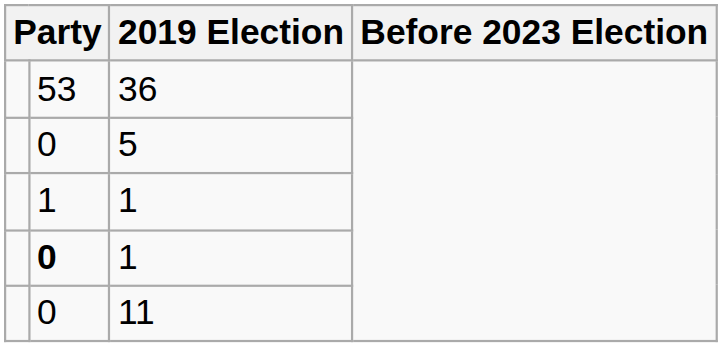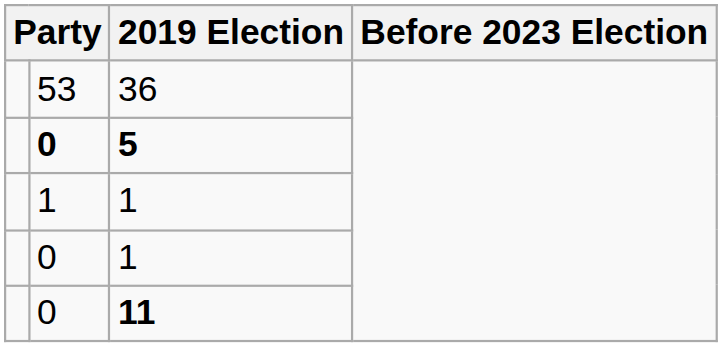 <table class="wikitable" border="1">
 <tr>
 <th colspan="2" rowspan="1" align="center" valign="top"><strong>Party</strong></th>
 <th colspan="1" rowspan="1" align="center" valign="top"><strong>2019 Election</strong></th>
 <th colspan="1" rowspan="1" align="center" valign="top"><strong>Before 2023 Election</strong></th>
 </tr>
 <tr>
 <td></td>
 <td>53</td>
 <td>36</td>
 </tr>
 <tr>
 <td></td>
-<td>0</td>
-<td>5</td>
+<td><strong>0</strong></td>
+<td><strong>5</strong></td>
 </tr>
 <tr>
 <td></td>
 <td>1</td>
 <td>1</td>
 </tr>
 <tr>
 <td></td>
-<td><strong>0</strong></td>
+<td>0</td>
 <td>1</td>
 </tr>
 <tr>
 <td></td>
 <td>0</td>
-<td>11</td>
+<td><strong>11</strong></td>
 </tr>
 </table>
